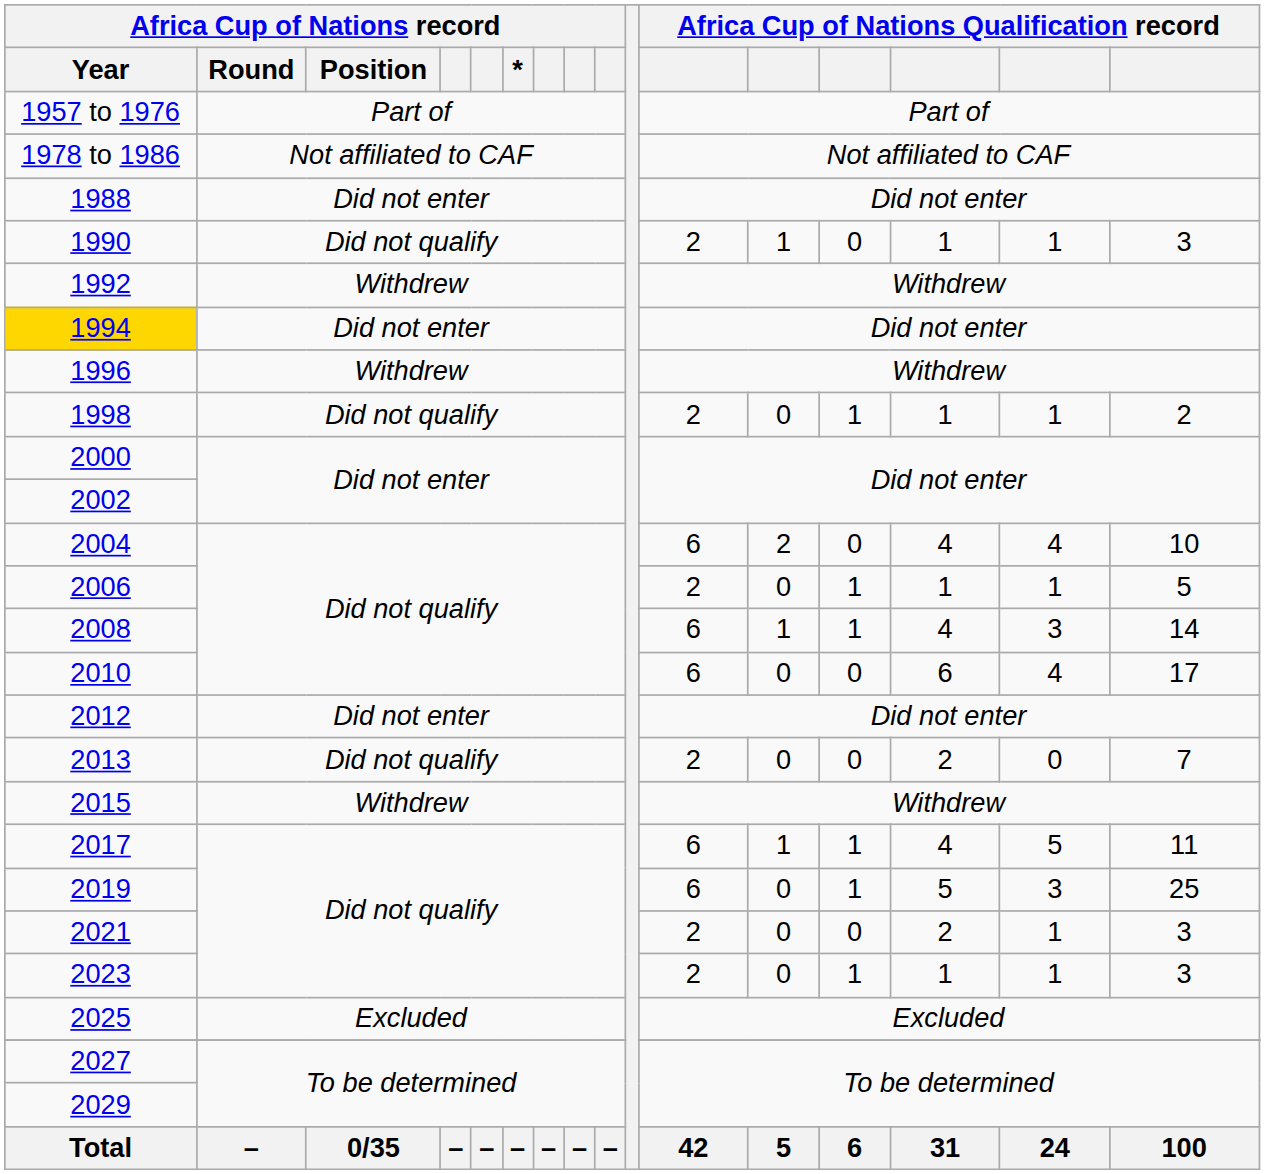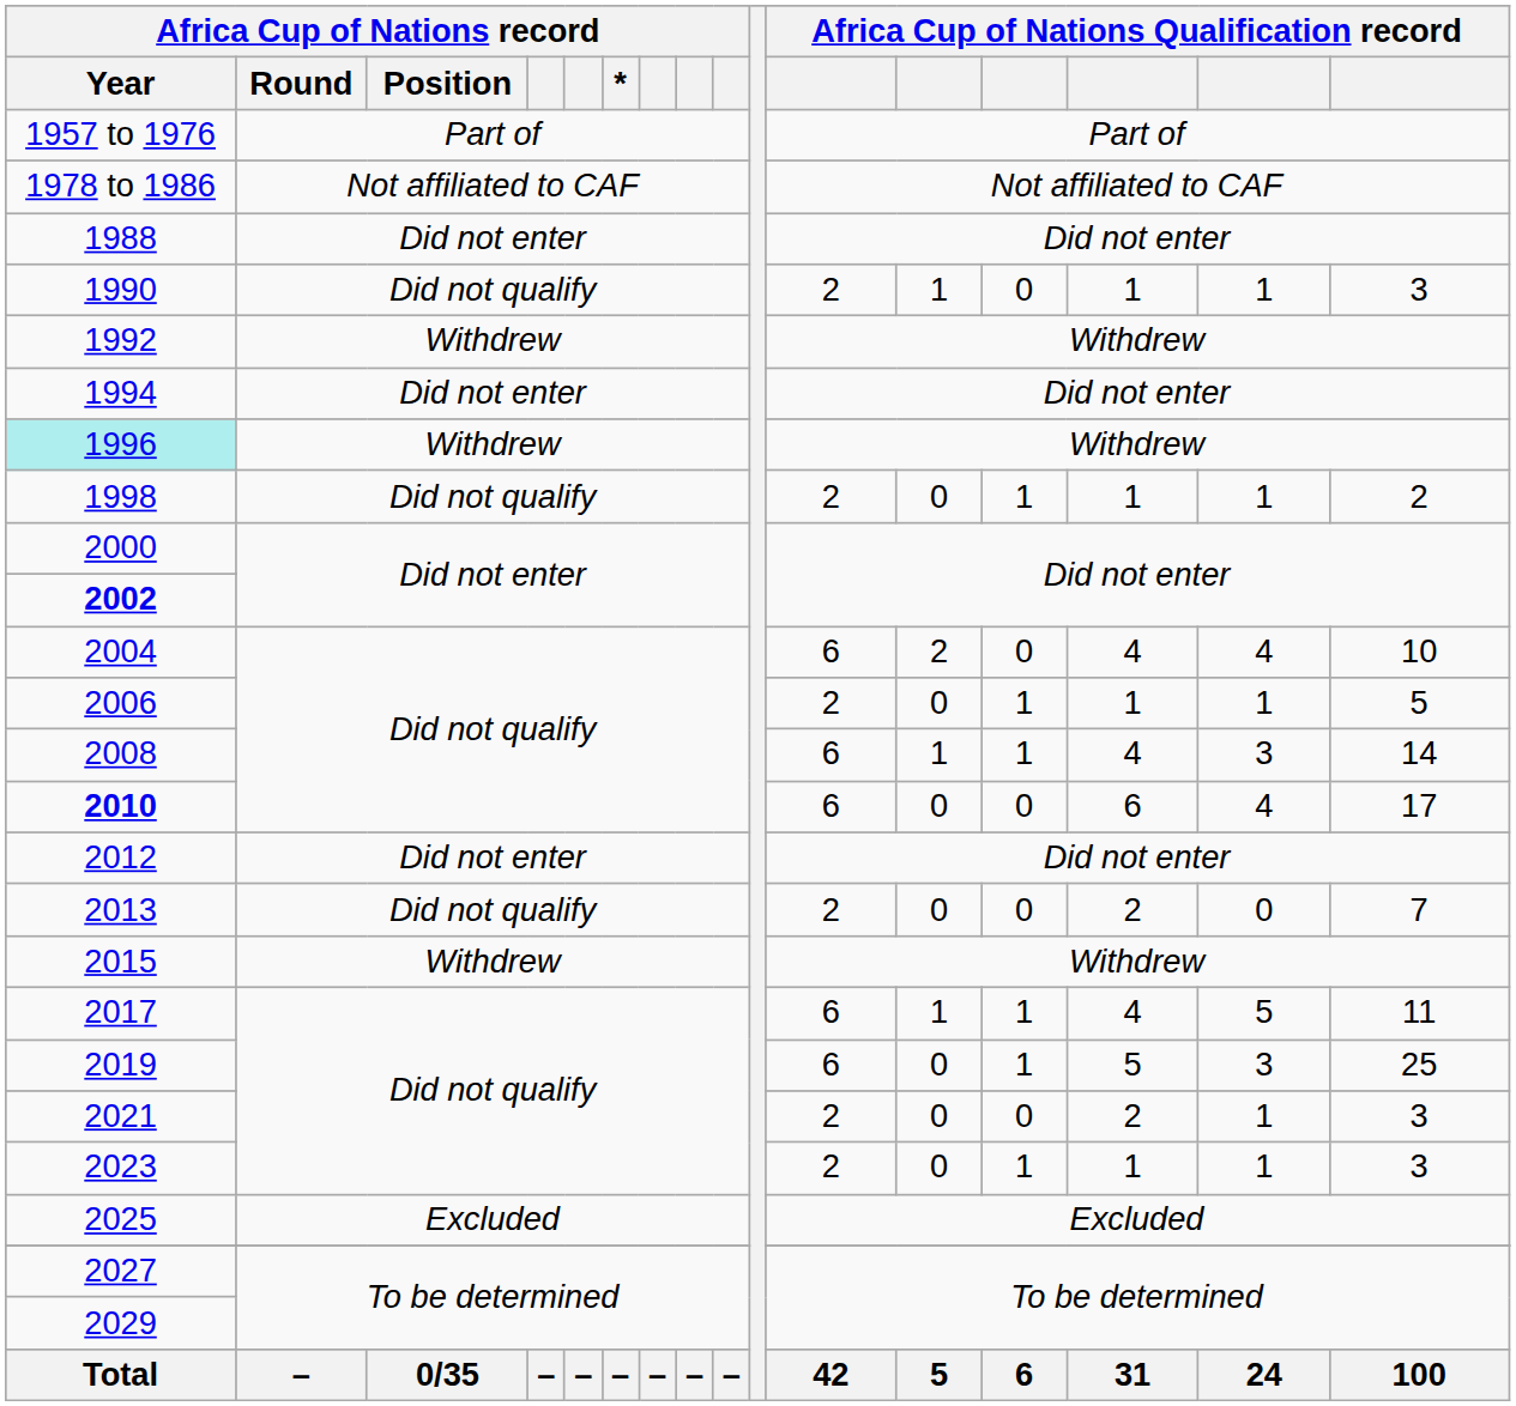 <table class="wikitable" style="text-align: center;">
 <tr>
 <th colspan=9><a href='#'>Africa Cup of Nations</a> record</th>
 <th rowspan="40" width="1%"></th>
 <th colspan=6><a href='#'>Africa Cup of Nations Qualification</a> record</th>
 </tr>
 <tr>
 <th>Year</th>
 <th>Round</th>
 <th>Position</th>
 <th></th>
 <th></th>
 <th>*</th>
 <th></th>
 <th></th>
 <th></th>
 <th></th>
 <th></th>
 <th></th>
 <th></th>
 <th></th>
 <th></th>
 </tr>
 <tr>
 <td> <a href='#'>1957</a> to  <a href='#'>1976</a></td>
 <td colspan=8><em>Part of </em></td>
 <td colspan=6><em>Part of </em></td>
 </tr>
 <tr>
 <td> <a href='#'>1978</a> to  <a href='#'>1986</a></td>
 <td colspan=8><em>Not affiliated to CAF</em></td>
 <td colspan=6><em>Not affiliated to CAF</em></td>
 </tr>
 <tr>
 <td> <a href='#'>1988</a></td>
 <td colspan=8><em>Did not enter</em></td>
 <td colspan=8><em>Did not enter</em></td>
 </tr>
 <tr>
 <td> <a href='#'>1990</a></td>
 <td colspan=8><em>Did not qualify</em></td>
 <td>2</td>
 <td>1</td>
 <td>0</td>
 <td>1</td>
 <td>1</td>
 <td>3</td>
 </tr>
 <tr>
 <td> <a href='#'>1992</a></td>
 <td colspan=8><em>Withdrew</em></td>
 <td colspan=6><em>Withdrew</em></td>
 </tr>
 <tr>
-<td style="background: gold;"> <a href='#'>1994</a></td>
+<td> <a href='#'>1994</a></td>
 <td colspan=8><em>Did not enter</em></td>
 <td colspan=6><em>Did not enter</em></td>
 </tr>
 <tr>
-<td> <a href='#'>1996</a></td>
+<td style="background: paleturquoise;"> <a href='#'>1996</a></td>
 <td colspan=8><em>Withdrew</em></td>
 <td colspan=6><em>Withdrew</em></td>
 </tr>
 <tr>
 <td> <a href='#'>1998</a></td>
 <td colspan=8><em>Did not qualify</em></td>
 <td>2</td>
 <td>0</td>
 <td>1</td>
 <td>1</td>
 <td>1</td>
 <td>2</td>
 </tr>
 <tr>
 <td>  <a href='#'>2000</a></td>
 <td colspan=8 rowspan=2><em>Did not enter</em></td>
 <td colspan=6 rowspan=2><em>Did not enter</em></td>
 </tr>
 <tr>
-<td> <a href='#'>2002</a></td>
+<td><strong> <a href='#'>2002</a></strong></td>
 </tr>
 <tr>
 <td> <a href='#'>2004</a></td>
 <td colspan=8 rowspan=4><em>Did not qualify</em></td>
 <td>6</td>
 <td>2</td>
 <td>0</td>
 <td>4</td>
 <td>4</td>
 <td>10</td>
 </tr>
 <tr>
 <td> <a href='#'>2006</a></td>
 <td>2</td>
 <td>0</td>
 <td>1</td>
 <td>1</td>
 <td>1</td>
 <td>5</td>
 </tr>
 <tr>
 <td> <a href='#'>2008</a></td>
 <td>6</td>
 <td>1</td>
 <td>1</td>
 <td>4</td>
 <td>3</td>
 <td>14</td>
 </tr>
 <tr>
-<td> <a href='#'>2010</a></td>
+<td><strong> <a href='#'>2010</a></strong></td>
 <td>6</td>
 <td>0</td>
 <td>0</td>
 <td>6</td>
 <td>4</td>
 <td>17</td>
 </tr>
 <tr>
 <td>  <a href='#'>2012</a></td>
 <td colspan=8><em>Did not enter</em></td>
 <td colspan=6><em>Did not enter</em></td>
 </tr>
 <tr>
 <td> <a href='#'>2013</a></td>
 <td colspan=8><em>Did not qualify</em></td>
 <td>2</td>
 <td>0</td>
 <td>0</td>
 <td>2</td>
 <td>0</td>
 <td>7</td>
 </tr>
 <tr>
 <td> <a href='#'>2015</a></td>
 <td colspan=8><em>Withdrew</em></td>
 <td colspan=6><em>Withdrew</em></td>
 </tr>
 <tr>
 <td> <a href='#'>2017</a></td>
 <td colspan=8 rowspan=4><em>Did not qualify</em></td>
 <td>6</td>
 <td>1</td>
 <td>1</td>
 <td>4</td>
 <td>5</td>
 <td>11</td>
 </tr>
 <tr>
 <td> <a href='#'>2019</a></td>
 <td>6</td>
 <td>0</td>
 <td>1</td>
 <td>5</td>
 <td>3</td>
 <td>25</td>
 </tr>
 <tr>
 <td> <a href='#'>2021</a></td>
 <td>2</td>
 <td>0</td>
 <td>0</td>
 <td>2</td>
 <td>1</td>
 <td>3</td>
 </tr>
 <tr>
 <td> <a href='#'>2023</a></td>
 <td>2</td>
 <td>0</td>
 <td>1</td>
 <td>1</td>
 <td>1</td>
 <td>3</td>
 </tr>
 <tr>
 <td> <a href='#'>2025</a></td>
 <td colspan=8><em>Excluded</em></td>
 <td colspan=6><em>Excluded</em></td>
 </tr>
 <tr>
 </tr>
 <tr>
 <td>   <a href='#'>2027</a></td>
 <td colspan="8" rowspan="2"><em>To be determined</em></td>
 <td colspan="6" rowspan="2"><em>To be determined</em></td>
 </tr>
 <tr>
 <td> <a href='#'>2029</a></td>
 </tr>
 <tr>
 <th><strong>Total</strong></th>
 <th>–</th>
 <th><strong>0/35</strong></th>
 <th><strong>–</strong></th>
 <th><strong>–</strong></th>
 <th><strong>–</strong></th>
 <th><strong>–</strong></th>
 <th><strong>–</strong></th>
 <th><strong>–</strong></th>
 <th><strong>42</strong></th>
 <th><strong>5</strong></th>
 <th><strong>6</strong></th>
 <th><strong>31</strong></th>
 <th><strong>24</strong></th>
 <th><strong>100</strong></th>
 </tr>
 </table>
